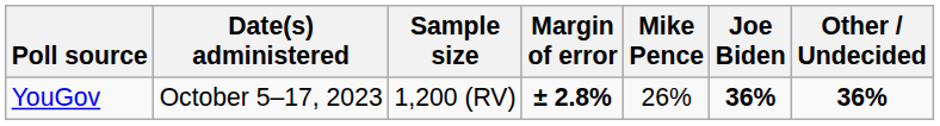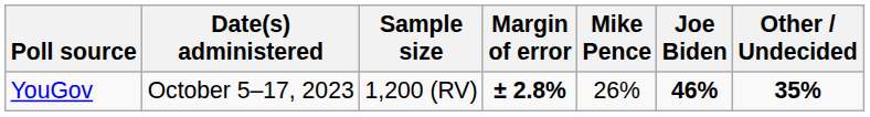 <table class="wikitable sortable mw-datatable" style="font-size:90%;text-align:center;line-height:17px">
 <tr style="vertical-align:bottom">
 <th>Poll source</th>
 <th>Date(s)<br>administered</th>
 <th>Sample<br>size</th>
 <th>Margin<br>of error</th>
 <th class="unsortable">Mike<br>Pence<br></th>
 <th class="unsortable">Joe<br>Biden<br></th>
 <th class="unsortable">Other /<br>Undecided</th>
 </tr>
 <tr>
 <td style="text-align:left;"><a href='#'>YouGov</a></td>
 <td data-sort-value="2023-05-17">October 5–17, 2023</td>
 <td>1,200 (RV)</td>
 <td><strong>± 2.8%</strong></td>
 <td>26%</td>
-<td style="color:black;background-color:"><strong>36%</strong></td>
-<td><strong>36%</strong></td>
+<td style="color:black;background-color:"><strong>46%</strong></td>
+<td><strong>35%</strong></td>
 </tr>
 </table>
